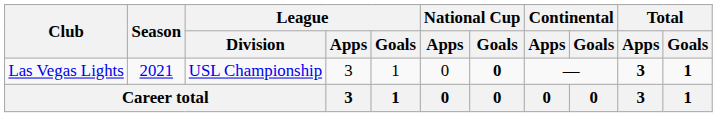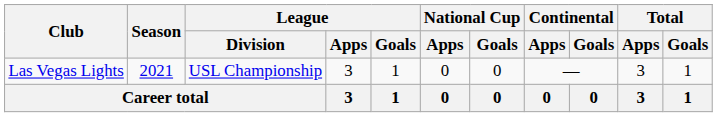 <table class=wikitable style=text-align:center>
 <tr>
 <th rowspan=2>Club</th>
 <th rowspan=2>Season</th>
 <th colspan=3>League</th>
 <th colspan=2>National Cup</th>
 <th colspan=2>Continental</th>
 <th colspan=2>Total</th>
 </tr>
 <tr>
 <th>Division</th>
 <th>Apps</th>
 <th>Goals</th>
 <th>Apps</th>
 <th>Goals</th>
 <th>Apps</th>
 <th>Goals</th>
 <th>Apps</th>
 <th>Goals</th>
 </tr>
 <tr>
 <td rowspan=1><a href='#'>Las Vegas Lights</a></td>
 <td><a href='#'>2021</a></td>
 <td><a href='#'>USL Championship</a></td>
 <td>3</td>
 <td>1</td>
 <td>0</td>
-<td><strong>0</strong></td>
+<td>0</td>
 <td colspan=2>—</td>
-<td><strong>3</strong></td>
-<td><strong>1</strong></td>
+<td>3</td>
+<td>1</td>
 </tr>
 <tr>
 <th colspan=3>Career total</th>
 <th>3</th>
 <th>1</th>
 <th>0</th>
 <th>0</th>
 <th>0</th>
 <th>0</th>
 <th>3</th>
 <th>1</th>
 </tr>
 </table>
